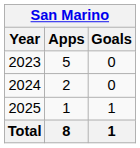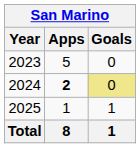 <table class="wikitable" style="text-align:center">
 <tr>
 <th colspan=3><a href='#'>San Marino</a></th>
 </tr>
 <tr>
 <th>Year</th>
 <th>Apps</th>
 <th>Goals</th>
 </tr>
 <tr>
 <td>2023</td>
 <td>5</td>
 <td>0</td>
 </tr>
 <tr>
 <td>2024</td>
-<td>2</td>
-<td>0</td>
+<td><strong>2</strong></td>
+<td style="background: khaki;">0</td>
 </tr>
 <tr>
 <td>2025</td>
 <td>1</td>
 <td>1</td>
 </tr>
 <tr>
 <th>Total</th>
 <th>8</th>
 <th>1</th>
 </tr>
 </table>
